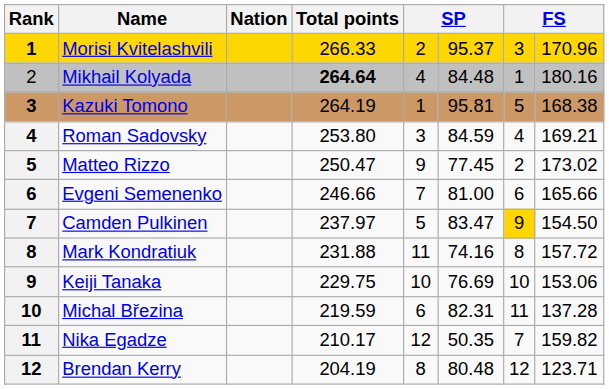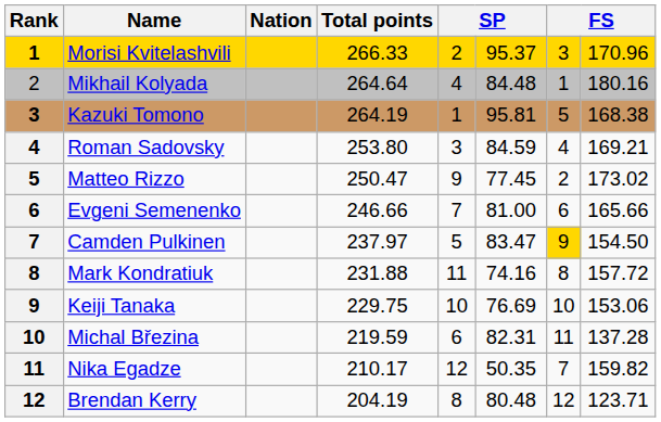 <table class="wikitable sortable">
 <tr>
 <th>Rank</th>
 <th>Name</th>
 <th>Nation</th>
 <th>Total points</th>
 <th colspan="2" width="80px"><a href='#'>SP</a></th>
 <th colspan="2" width="80px"><a href='#'>FS</a></th>
 </tr>
 <tr bgcolor="gold">
 <td align="center"><strong>1</strong></td>
 <td><a href='#'>Morisi Kvitelashvili</a></td>
 <td></td>
 <td align="center">266.33</td>
 <td align="center">2</td>
 <td align="center">95.37</td>
 <td align="center">3</td>
 <td align="center">170.96</td>
 </tr>
 <tr bgcolor="silver">
 <td align="center">2</td>
 <td><a href='#'>Mikhail Kolyada</a></td>
 <td></td>
-<td align="center"><strong>264.64</strong></td>
+<td align="center">264.64</td>
 <td align="center">4</td>
 <td align="center">84.48</td>
 <td align="center">1</td>
 <td align="center">180.16</td>
 </tr>
 <tr bgcolor="cc9966">
 <td align="center"><strong>3</strong></td>
 <td><a href='#'>Kazuki Tomono</a></td>
 <td></td>
 <td align="center">264.19</td>
 <td align="center">1</td>
 <td align="center">95.81</td>
 <td align="center">5</td>
 <td align="center">168.38</td>
 </tr>
 <tr>
 <th>4</th>
 <td><a href='#'>Roman Sadovsky</a></td>
 <td></td>
 <td align="center">253.80</td>
 <td align="center">3</td>
 <td align="center">84.59</td>
 <td align="center">4</td>
 <td align="center">169.21</td>
 </tr>
 <tr>
 <th>5</th>
 <td><a href='#'>Matteo Rizzo</a></td>
 <td></td>
 <td align="center">250.47</td>
 <td align="center">9</td>
 <td align="center">77.45</td>
 <td align="center">2</td>
 <td align="center">173.02</td>
 </tr>
 <tr>
 <th>6</th>
 <td><a href='#'>Evgeni Semenenko</a></td>
 <td></td>
 <td align="center">246.66</td>
 <td align="center">7</td>
 <td align="center">81.00</td>
 <td align="center">6</td>
 <td align="center">165.66</td>
 </tr>
 <tr>
 <th>7</th>
 <td><a href='#'>Camden Pulkinen</a></td>
 <td></td>
 <td align="center">237.97</td>
 <td align="center">5</td>
 <td align="center">83.47</td>
 <td align="center" style="background: gold;">9</td>
 <td align="center">154.50</td>
 </tr>
 <tr>
 <th>8</th>
 <td><a href='#'>Mark Kondratiuk</a></td>
 <td></td>
 <td align="center">231.88</td>
 <td align="center">11</td>
 <td align="center">74.16</td>
 <td align="center">8</td>
 <td align="center">157.72</td>
 </tr>
 <tr>
 <th>9</th>
 <td><a href='#'>Keiji Tanaka</a></td>
 <td></td>
 <td align="center">229.75</td>
 <td align="center">10</td>
 <td align="center">76.69</td>
 <td align="center">10</td>
 <td align="center">153.06</td>
 </tr>
 <tr>
 <th>10</th>
 <td><a href='#'>Michal Březina</a></td>
 <td></td>
 <td align="center">219.59</td>
 <td align="center">6</td>
 <td align="center">82.31</td>
 <td align="center">11</td>
 <td align="center">137.28</td>
 </tr>
 <tr>
 <th>11</th>
 <td><a href='#'>Nika Egadze</a></td>
 <td></td>
 <td align="center">210.17</td>
 <td align="center">12</td>
 <td align="center">50.35</td>
 <td align="center">7</td>
 <td align="center">159.82</td>
 </tr>
 <tr>
 <th>12</th>
 <td><a href='#'>Brendan Kerry</a></td>
 <td></td>
 <td align="center">204.19</td>
 <td align="center">8</td>
 <td align="center">80.48</td>
 <td align="center">12</td>
 <td align="center">123.71</td>
 </tr>
 </table>
